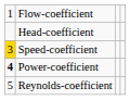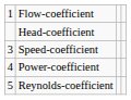 <table class="wikitable">
 <tr>
 <td>1</td>
 <td>Flow-coefficient</td>
 <td></td>
 <td></td>
 </tr>
 <tr>
 <td></td>
 <td>Head-coefficient</td>
 <td></td>
 <td></td>
 </tr>
 <tr>
-<td style="background: gold;">3</td>
+<td>3</td>
 <td>Speed-coefficient</td>
 <td></td>
 <td></td>
 </tr>
 <tr>
-<td><strong>4</strong></td>
+<td>4</td>
 <td>Power-coefficient</td>
 <td></td>
 <td></td>
 </tr>
 <tr>
 <td>5</td>
 <td>Reynolds-coefficient</td>
 <td></td>
 <td></td>
 </tr>
 </table>
